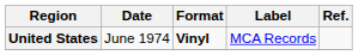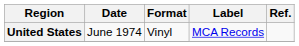 <table class="wikitable plainrowheaders">
 <tr>
 <th scope="col">Region</th>
 <th scope="col">Date</th>
 <th scope="col">Format</th>
 <th scope="col">Label</th>
 <th scope="col">Ref.</th>
 </tr>
 <tr>
 <th scope="row">United States</th>
 <td>June 1974</td>
-<td><strong>Vinyl</strong></td>
+<td>Vinyl</td>
 <td><a href='#'>MCA Records</a></td>
 <td></td>
 </tr>
 <tr>
 </tr>
 </table>
